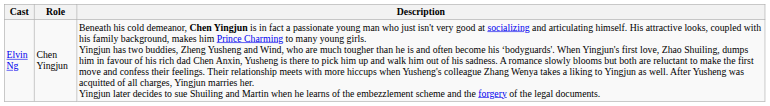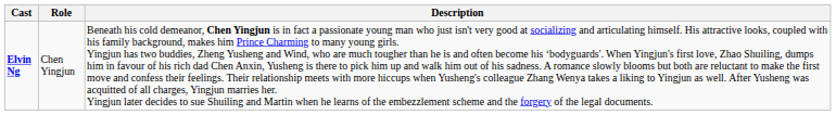 <table class="wikitable">
 <tr>
 <th>Cast</th>
 <th>Role</th>
 <th>Description</th>
 </tr>
 <tr>
-<td><a href='#'>Elvin Ng</a></td>
+<td><strong><a href='#'>Elvin Ng</a></strong></td>
 <td>Chen Yingjun</td>
 <td>Beneath his cold demeanor, <strong>Chen Yingjun</strong> is in fact a passionate young man who just isn't very good at <a href='#'>socializing</a> and articulating himself. His attractive looks, coupled with his family background, makes him <a href='#'>Prince Charming</a> to many young girls.<br>Yingjun has two buddies, Zheng Yusheng and Wind, who are much tougher than he is and often become his ‘bodyguards'. When Yingjun's first love, Zhao Shuiling, dumps him in favour of his rich dad Chen Anxin, Yusheng is there to pick him up and walk him out of his sadness. A romance slowly blooms but both are reluctant to make the first move and confess their feelings. Their relationship meets with more hiccups when Yusheng's colleague Zhang Wenya takes a liking to Yingjun as well. After Yusheng was acquitted of all charges, Yingjun marries her.<br>Yingjun later decides to sue Shuiling and Martin when he learns of the embezzlement scheme and the <a href='#'>forgery</a> of the legal documents.</td>
 </tr>
 </table>
